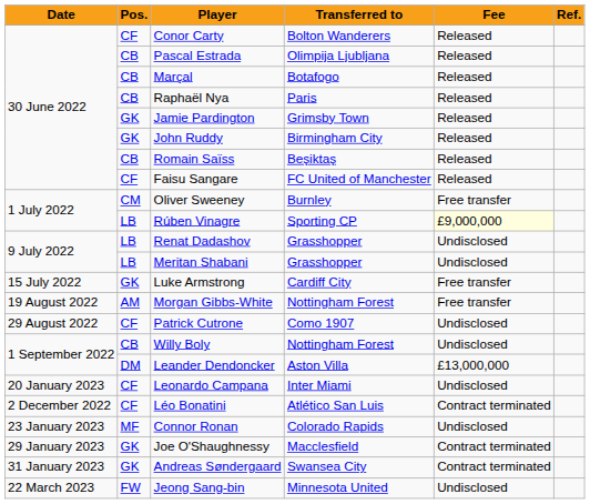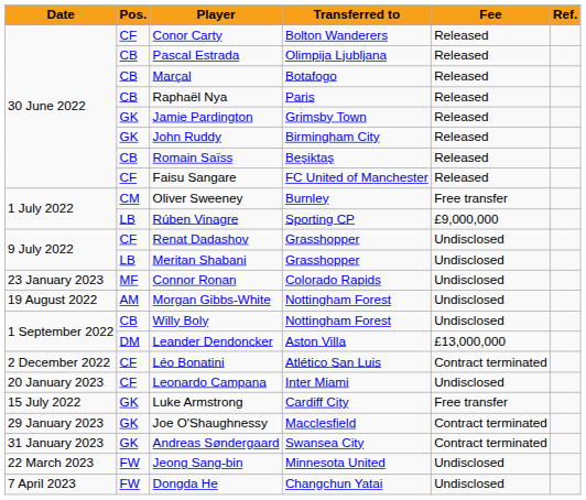 <table class="wikitable plainrowheaders sortable">
 <tr>
 <th style="background:#F9A01B; color:#000000; ">Date</th>
 <th style="background:#F9A01B; color:#000000; ">Pos.</th>
 <th style="background:#F9A01B; color:#000000; ">Player</th>
 <th style="background:#F9A01B; color:#000000; ">Transferred to</th>
 <th style="background:#F9A01B; color:#000000; ">Fee</th>
 <th style="background:#F9A01B; color:#000000; ">Ref.</th>
 </tr>
 <tr>
 <td rowspan="8">30 June 2022</td>
 <td><a href='#'>CF</a></td>
 <td> <a href='#'>Conor Carty</a></td>
 <td> <a href='#'>Bolton Wanderers</a></td>
 <td>Released</td>
 <td></td>
 </tr>
 <tr>
 <td><a href='#'>CB</a></td>
 <td> <a href='#'>Pascal Estrada</a></td>
 <td> <a href='#'>Olimpija Ljubljana</a></td>
 <td>Released</td>
 <td></td>
 </tr>
 <tr>
 <td><a href='#'>CB</a></td>
 <td> <a href='#'>Marçal</a></td>
 <td> <a href='#'>Botafogo</a></td>
 <td>Released</td>
 <td></td>
 </tr>
 <tr>
 <td><a href='#'>CB</a></td>
 <td> Raphaël Nya</td>
 <td> <a href='#'>Paris</a></td>
 <td>Released</td>
 <td></td>
 </tr>
 <tr>
 <td><a href='#'>GK</a></td>
 <td> <a href='#'>Jamie Pardington</a></td>
 <td> <a href='#'>Grimsby Town</a></td>
 <td>Released</td>
 <td></td>
 </tr>
 <tr>
 <td><a href='#'>GK</a></td>
 <td> <a href='#'>John Ruddy</a></td>
 <td> <a href='#'>Birmingham City</a></td>
 <td>Released</td>
 <td></td>
 </tr>
 <tr>
 <td><a href='#'>CB</a></td>
 <td> <a href='#'>Romain Saïss</a></td>
 <td> <a href='#'>Beşiktaş</a></td>
 <td>Released</td>
 <td></td>
 </tr>
 <tr>
 <td><a href='#'>CF</a></td>
 <td> Faisu Sangare</td>
 <td> <a href='#'>FC United of Manchester</a></td>
 <td>Released</td>
 <td></td>
 </tr>
 <tr>
 <td rowspan="2">1 July 2022</td>
 <td><a href='#'>CM</a></td>
 <td> Oliver Sweeney</td>
 <td> <a href='#'>Burnley</a></td>
 <td>Free transfer</td>
 <td></td>
 </tr>
 <tr>
 <td><a href='#'>LB</a></td>
 <td> <a href='#'>Rúben Vinagre</a></td>
 <td> <a href='#'>Sporting CP</a></td>
-<td style="background: lightyellow;">£9,000,000</td>
+<td>£9,000,000</td>
 <td></td>
 </tr>
 <tr>
 <td rowspan="2">9 July 2022</td>
-<td><a href='#'>LB</a></td>
+<td><a href='#'>CF</a></td>
 <td> <a href='#'>Renat Dadashov</a></td>
 <td> <a href='#'>Grasshopper</a></td>
 <td>Undisclosed</td>
 <td></td>
 </tr>
 <tr>
 <td><a href='#'>LB</a></td>
 <td> <a href='#'>Meritan Shabani</a></td>
 <td> <a href='#'>Grasshopper</a></td>
 <td>Undisclosed</td>
 <td></td>
 </tr>
 <tr>
-<td>15 July 2022</td>
-<td><a href='#'>GK</a></td>
-<td> Luke Armstrong</td>
-<td> <a href='#'>Cardiff City</a></td>
-<td>Free transfer</td>
+<td>23 January 2023</td>
+<td><a href='#'>MF</a></td>
+<td> <a href='#'>Connor Ronan</a></td>
+<td> <a href='#'>Colorado Rapids</a></td>
+<td>Undisclosed</td>
 <td></td>
 </tr>
 <tr>
 <td>19 August 2022</td>
 <td><a href='#'>AM</a></td>
 <td> <a href='#'>Morgan Gibbs-White</a></td>
 <td> <a href='#'>Nottingham Forest</a></td>
-<td>Free transfer</td>
-<td></td>
-</tr>
-<tr>
-<td>29 August 2022</td>
-<td><a href='#'>CF</a></td>
-<td> <a href='#'>Patrick Cutrone</a></td>
-<td> <a href='#'>Como 1907</a></td>
 <td>Undisclosed</td>
 <td></td>
 </tr>
 <tr>
 <td rowspan="2">1 September 2022</td>
 <td><a href='#'>CB</a></td>
 <td> <a href='#'>Willy Boly</a></td>
 <td> <a href='#'>Nottingham Forest</a></td>
 <td>Undisclosed</td>
 <td></td>
 </tr>
 <tr>
 <td><a href='#'>DM</a></td>
 <td> <a href='#'>Leander Dendoncker</a></td>
 <td> <a href='#'>Aston Villa</a></td>
 <td>£13,000,000</td>
 <td></td>
 </tr>
 <tr>
+<td>2 December 2022</td>
+<td><a href='#'>CF</a></td>
+<td> <a href='#'>Léo Bonatini</a></td>
+<td> <a href='#'>Atlético San Luis</a></td>
+<td>Contract terminated</td>
+<td></td>
+</tr>
+<tr>
 <td>20 January 2023</td>
 <td><a href='#'>CF</a></td>
 <td> <a href='#'>Leonardo Campana</a></td>
 <td> <a href='#'>Inter Miami</a></td>
 <td>Undisclosed</td>
 <td></td>
 </tr>
 <tr>
-<td>2 December 2022</td>
-<td><a href='#'>CF</a></td>
-<td> <a href='#'>Léo Bonatini</a></td>
-<td> <a href='#'>Atlético San Luis</a></td>
-<td>Contract terminated</td>
-<td></td>
-</tr>
-<tr>
-<td>23 January 2023</td>
-<td><a href='#'>MF</a></td>
-<td> <a href='#'>Connor Ronan</a></td>
-<td> <a href='#'>Colorado Rapids</a></td>
-<td>Undisclosed</td>
+<td>15 July 2022</td>
+<td><a href='#'>GK</a></td>
+<td> Luke Armstrong</td>
+<td> <a href='#'>Cardiff City</a></td>
+<td>Free transfer</td>
 <td></td>
 </tr>
 <tr>
 <td>29 January 2023</td>
 <td><a href='#'>GK</a></td>
 <td> Joe O'Shaughnessy</td>
 <td> <a href='#'>Macclesfield</a></td>
 <td>Contract terminated</td>
 <td></td>
 </tr>
 <tr>
 <td>31 January 2023</td>
 <td><a href='#'>GK</a></td>
 <td> <a href='#'>Andreas Søndergaard</a></td>
 <td> <a href='#'>Swansea City</a></td>
 <td>Contract terminated</td>
 <td></td>
 </tr>
 <tr>
 <td>22 March 2023</td>
 <td><a href='#'>FW</a></td>
 <td> <a href='#'>Jeong Sang-bin</a></td>
 <td> <a href='#'>Minnesota United</a></td>
 <td>Undisclosed</td>
 <td></td>
 </tr>
+<tr>
+<td>7 April 2023</td>
+<td><a href='#'>FW</a></td>
+<td> <a href='#'>Dongda He</a></td>
+<td> <a href='#'>Changchun Yatai</a></td>
+<td>Undisclosed</td>
+<td></td>
+</tr>
 </table>
